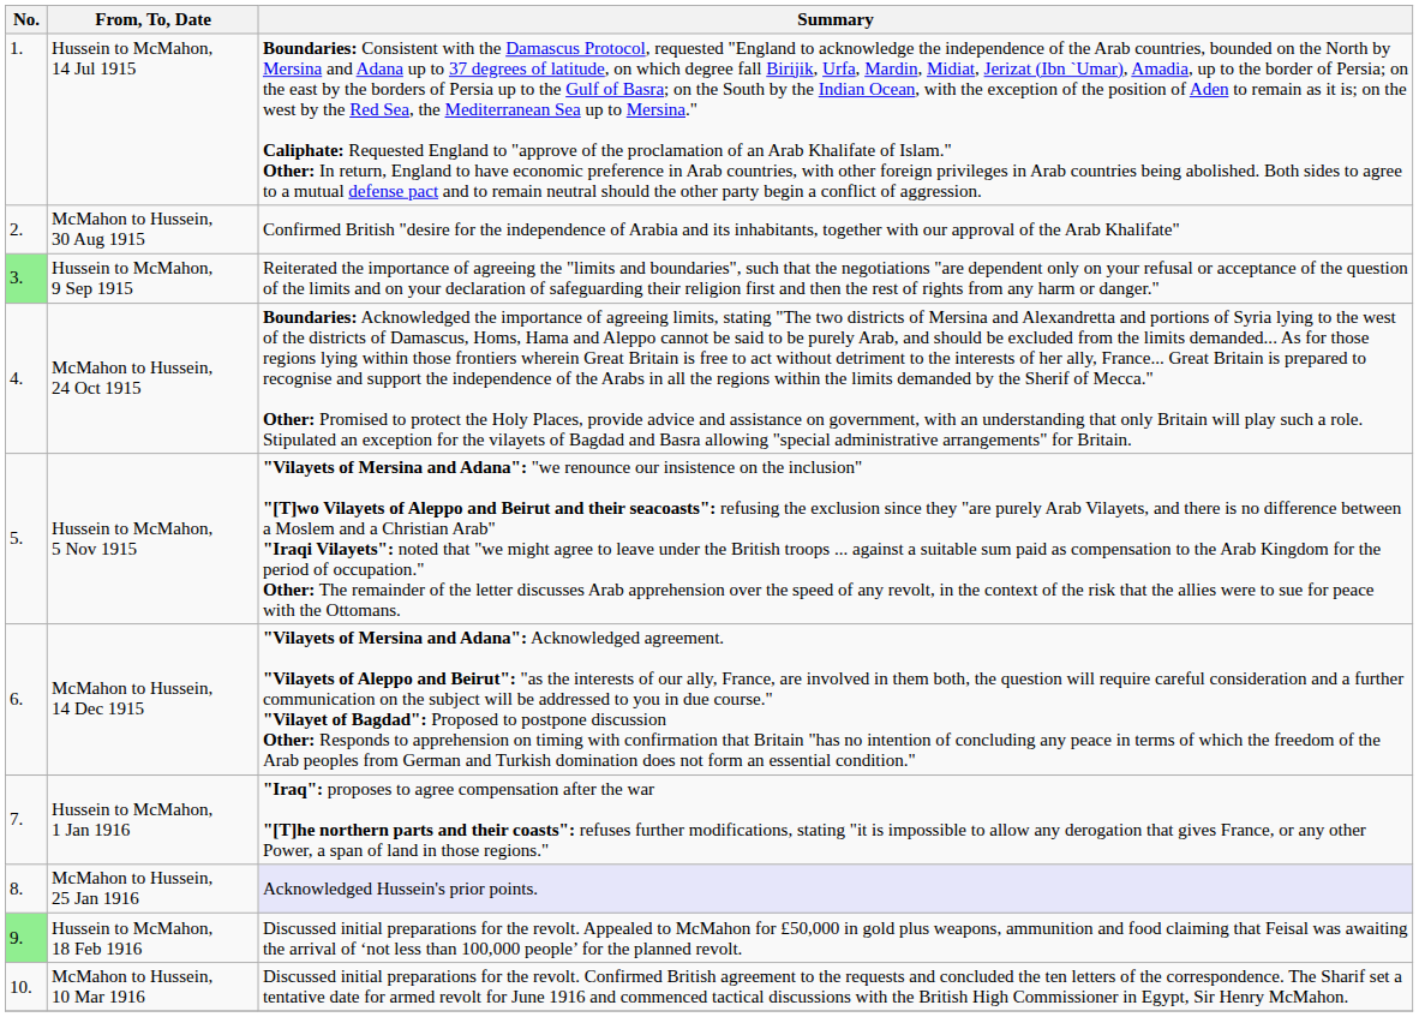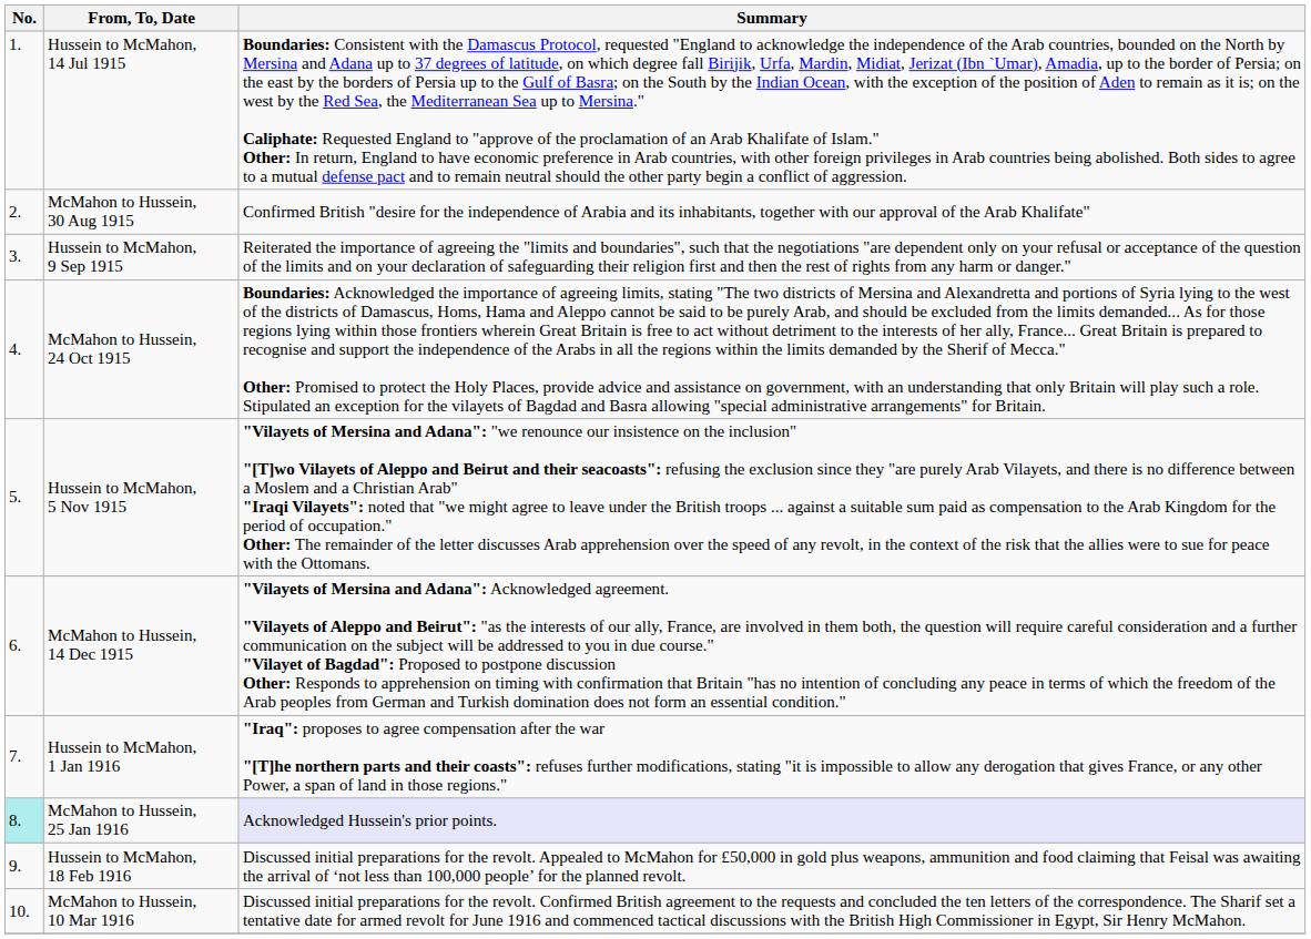 <table class="wikitable" style="text-align:left">
 <tr>
 <th scope="col" style="width: 3%;">No.</th>
 <th scope="col" style="width: 15%;">From, To, Date</th>
 <th scope="col" style="width: 82%;">Summary</th>
 </tr>
 <tr style="vertical-align: top;">
 <td>1.</td>
 <td>Hussein to McMahon,<br>14 Jul 1915</td>
 <td><strong>Boundaries:</strong> Consistent with the <a href='#'>Damascus Protocol</a>, requested "England to acknowledge the independence of the Arab countries, bounded on the North by <a href='#'>Mersina</a> and <a href='#'>Adana</a> up to <a href='#'>37 degrees of latitude</a>, on which degree fall <a href='#'>Birijik</a>, <a href='#'>Urfa</a>, <a href='#'>Mardin</a>, <a href='#'>Midiat</a>, <a href='#'>Jerizat (Ibn `Umar)</a>, <a href='#'>Amadia</a>, up to the border of Persia; on the east by the borders of Persia up to the <a href='#'>Gulf of Basra</a>; on the South by the <a href='#'>Indian Ocean</a>, with the exception of the position of <a href='#'>Aden</a> to remain as it is; on the west by the <a href='#'>Red Sea</a>, the <a href='#'>Mediterranean Sea</a> up to <a href='#'>Mersina</a>."<br><br><strong>Caliphate:</strong> Requested England to "approve of the proclamation of an Arab Khalifate of Islam."<br> <strong>Other:</strong> In return, England to have economic preference in Arab countries, with other foreign privileges in Arab countries being abolished. Both sides to agree to a mutual <a href='#'>defense pact</a> and to remain neutral should the other party begin a conflict of aggression.</td>
 </tr>
 <tr>
 <td>2.</td>
 <td>McMahon to Hussein,<br>30 Aug 1915</td>
 <td>Confirmed British "desire for the independence of Arabia and its inhabitants, together with our approval of the Arab Khalifate"</td>
 </tr>
 <tr>
-<td style="background: lightgreen;">3.</td>
+<td>3.</td>
 <td>Hussein to McMahon,<br>9 Sep 1915</td>
 <td>Reiterated the importance of agreeing the "limits and boundaries", such that the negotiations "are dependent only on your refusal or acceptance of the question of the limits and on your declaration of safeguarding their religion first and then the rest of rights from any harm or danger."</td>
 </tr>
 <tr>
 <td>4.</td>
 <td>McMahon to Hussein,<br>24 Oct 1915</td>
 <td><strong>Boundaries:</strong> Acknowledged the importance of agreeing limits, stating "The two districts of Mersina and Alexandretta and portions of Syria lying to the west of the districts of Damascus, Homs, Hama and Aleppo cannot be said to be purely Arab, and should be excluded from the limits demanded... As for those regions lying within those frontiers wherein Great Britain is free to act without detriment to the interests of her ally, France... Great Britain is prepared to recognise and support the independence of the Arabs in all the regions within the limits demanded by the Sherif of Mecca."<br><br><strong>Other:</strong> Promised to protect the Holy Places, provide advice and assistance on government, with an understanding that only Britain will play such a role. Stipulated an exception for the vilayets of Bagdad and Basra allowing "special administrative arrangements" for Britain.</td>
 </tr>
 <tr>
 <td>5.</td>
 <td>Hussein to McMahon,<br>5 Nov 1915</td>
 <td><strong>"Vilayets of Mersina and Adana":</strong> "we renounce our insistence on the inclusion"<br><br><strong>"[T]wo Vilayets of Aleppo and Beirut and their seacoasts":</strong> refusing the exclusion since they "are purely Arab Vilayets, and there is no difference between a Moslem and a Christian Arab"<br> <strong>"Iraqi Vilayets":</strong> noted that "we might agree to leave under the British troops ... against a suitable sum paid as compensation to the Arab Kingdom for the period of occupation."<br> <strong>Other:</strong> The remainder of the letter discusses Arab apprehension over the speed of any revolt, in the context of the risk that the allies were to sue for peace with the Ottomans.</td>
 </tr>
 <tr>
 <td>6.</td>
 <td>McMahon to Hussein,<br>14 Dec 1915</td>
 <td><strong>"Vilayets of Mersina and Adana":</strong> Acknowledged agreement.<br><br><strong>"Vilayets of Aleppo and Beirut":</strong> "as the interests of our ally, France, are involved in them both, the question will require careful consideration and a further communication on the subject will be addressed to you in due course."<br> <strong>"Vilayet of Bagdad":</strong> Proposed to postpone discussion<br> <strong>Other:</strong> Responds to apprehension on timing with confirmation that Britain "has no intention of concluding any peace in terms of which the freedom of the Arab peoples from German and Turkish domination does not form an essential condition."</td>
 </tr>
 <tr>
 <td>7.</td>
 <td>Hussein to McMahon,<br>1 Jan 1916</td>
 <td><strong>"Iraq":</strong> proposes to agree compensation after the war<br><br><strong>"[T]he northern parts and their coasts":</strong> refuses further modifications, stating "it is impossible to allow any derogation that gives France, or any other Power, a span of land in those regions."</td>
 </tr>
 <tr>
-<td>8.</td>
+<td style="background: paleturquoise;">8.</td>
 <td>McMahon to Hussein,<br>25 Jan 1916</td>
 <td style="background: lavender;">Acknowledged Hussein's prior points.</td>
 </tr>
 <tr>
-<td style="background: lightgreen;">9.</td>
+<td>9.</td>
 <td>Hussein to McMahon,<br>18 Feb 1916</td>
 <td>Discussed initial preparations for the revolt. Appealed to McMahon for £50,000 in gold plus weapons, ammunition and food claiming that Feisal was awaiting the arrival of ‘not less than 100,000 people’ for the planned revolt.</td>
 </tr>
 <tr>
 <td>10.</td>
 <td>McMahon to Hussein,<br>10 Mar 1916</td>
 <td>Discussed initial preparations for the revolt. Confirmed British agreement to the requests and concluded the ten letters of the correspondence. The Sharif set a tentative date for armed revolt for June 1916 and commenced tactical discussions with the British High Commissioner in Egypt, Sir Henry McMahon.</td>
 </tr>
 <tr>
 </tr>
 </table>
